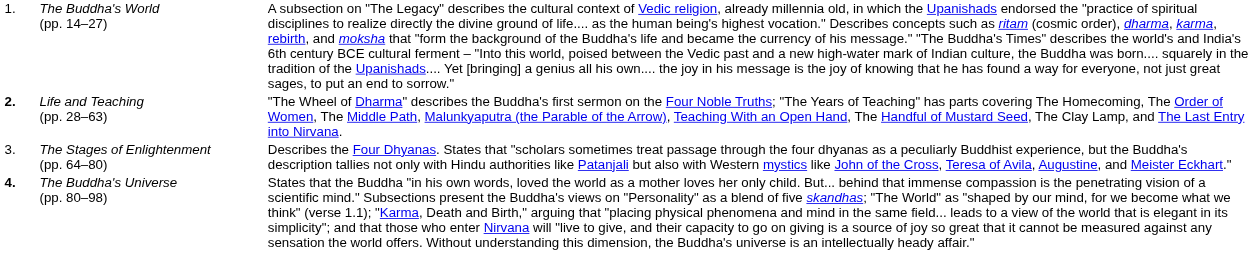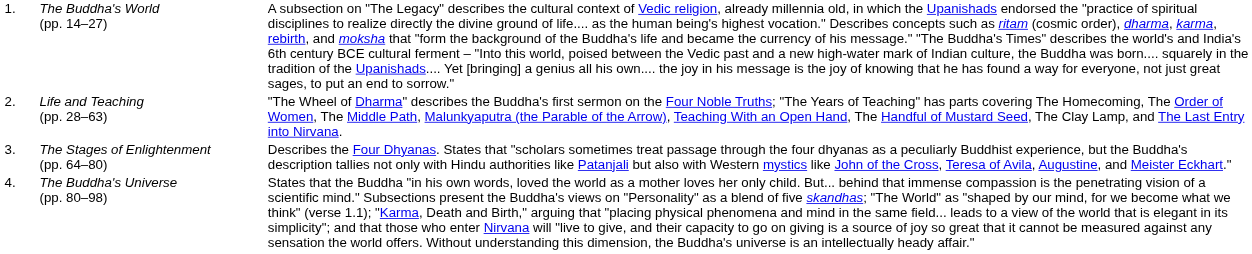 <table width=95% cellspacing=2 >
 <tr valign="top">
 <td width="10">1.</td>
 <td width="50"><em>The Buddha's World</em><br>(pp. 14–27)</td>
 <td width="450">A subsection on "The Legacy" describes the cultural context of <a href='#'>Vedic religion</a>, already millennia old, in which the <a href='#'>Upanishads</a> endorsed the "practice of spiritual disciplines to realize directly the divine ground of life.... as the human being's highest vocation." Describes concepts such as <em><a href='#'>ritam</a></em> (cosmic order), <em><a href='#'>dharma</a></em>, <em><a href='#'>karma</a></em>, <a href='#'>rebirth</a>, and <em><a href='#'>moksha</a></em> that "form the background of the Buddha's life and became the currency of his message." "The Buddha's Times" describes the world's and India's 6th century BCE cultural ferment – "Into this world, poised between the Vedic past and a new high-water mark of Indian culture, the Buddha was born.... squarely in the tradition of the <a href='#'>Upanishads</a>.... Yet [bringing] a genius all his own.... the joy in his message is the joy of knowing that he has found a way for everyone, not just great sages, to put an end to sorrow."</td>
 </tr>
 <tr valign="top">
-<td><strong>2.</strong></td>
+<td>2.</td>
 <td><em>Life and Teaching</em><br>(pp. 28–63)</td>
 <td>"The Wheel of <a href='#'>Dharma</a>" describes the Buddha's first sermon on the <a href='#'>Four Noble Truths</a>; "The Years of Teaching" has parts covering The Homecoming, The <a href='#'>Order of Women</a>, The <a href='#'>Middle Path</a>, <a href='#'>Malunkyaputra (the Parable of the Arrow)</a>, <a href='#'>Teaching With an Open Hand</a>, The <a href='#'>Handful of Mustard Seed</a>, The Clay Lamp, and <a href='#'>The Last Entry into Nirvana</a>.</td>
 </tr>
 <tr valign="top">
 <td>3.</td>
 <td><em>The Stages of Enlightenment</em><br>(pp. 64–80)</td>
 <td>Describes the <a href='#'>Four Dhyanas</a>. States that "scholars sometimes treat passage through the four dhyanas as a peculiarly Buddhist experience, but the Buddha's description tallies not only with Hindu authorities like <a href='#'>Patanjali</a> but also with Western <a href='#'>mystics</a> like <a href='#'>John of the Cross</a>, <a href='#'>Teresa of Avila</a>, <a href='#'>Augustine</a>, and <a href='#'>Meister Eckhart</a>."</td>
 </tr>
 <tr valign="top">
-<td><strong>4.</strong></td>
+<td>4.</td>
 <td><em>The Buddha's Universe</em><br>(pp. 80–98)</td>
 <td>States that the Buddha "in his own words, loved the world as a mother loves her only child. But... behind that immense compassion is the penetrating vision of a scientific mind." Subsections present the Buddha's views on "Personality" as a blend of five <em><a href='#'>skandhas</a></em>; "The World" as "shaped by our mind, for we become what we think" (verse 1.1); "<a href='#'>Karma</a>, Death and Birth," arguing that "placing physical phenomena and mind in the same field... leads to a view of the world that is elegant in its simplicity"; and that those who enter <a href='#'>Nirvana</a> will "live to give, and their capacity to go on giving is a source of joy so great that it cannot be measured against any sensation the world offers. Without understanding this dimension, the Buddha's universe is an intellectually heady affair."</td>
 </tr>
 </table>
